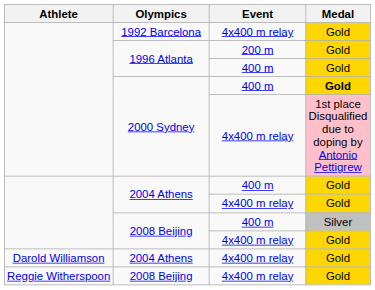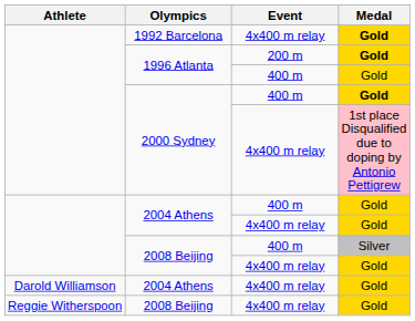 <table class="wikitable" style="font-size:95%">
 <tr>
 <th>Athlete</th>
 <th style="width:8em">Olympics</th>
 <th style="width:8em">Event</th>
 <th style="width:5em">Medal</th>
 </tr>
 <tr align=center>
 <td rowspan=5> </td>
 <td><a href='#'>1992 Barcelona</a></td>
 <td><a href='#'>4x400 m relay</a></td>
-<td bgcolor=gold>Gold</td>
+<td bgcolor=gold><strong>Gold</strong></td>
 </tr>
 <tr align=center>
 <td rowspan=2><a href='#'>1996 Atlanta</a></td>
 <td><a href='#'>200 m</a></td>
-<td bgcolor=gold>Gold</td>
+<td bgcolor=gold><strong>Gold</strong></td>
 </tr>
 <tr align=center>
 <td><a href='#'>400 m</a></td>
 <td bgcolor=gold>Gold</td>
 </tr>
 <tr align=center>
 <td rowspan=2><a href='#'>2000 Sydney</a></td>
 <td><a href='#'>400 m</a></td>
 <td bgcolor=gold><strong>Gold</strong></td>
 </tr>
 <tr align=center>
 <td><a href='#'>4x400 m relay</a></td>
 <td bgcolor=pink>1st place Disqualified due to doping by <a href='#'>Antonio Pettigrew</a></td>
 </tr>
 <tr align=center>
 <td rowspan=4> </td>
 <td rowspan=2><a href='#'>2004 Athens</a></td>
 <td><a href='#'>400 m</a></td>
 <td bgcolor=gold>Gold</td>
 </tr>
 <tr align=center>
 <td><a href='#'>4x400 m relay</a></td>
 <td bgcolor=gold>Gold</td>
 </tr>
 <tr align=center>
 <td rowspan=2><a href='#'>2008 Beijing</a></td>
 <td><a href='#'>400 m</a></td>
 <td bgcolor=silver>Silver</td>
 </tr>
 <tr align=center>
 <td><a href='#'>4x400 m relay</a></td>
 <td bgcolor=gold>Gold</td>
 </tr>
 <tr align=center>
 <td><a href='#'>Darold Williamson</a> </td>
 <td><a href='#'>2004 Athens</a></td>
 <td><a href='#'>4x400 m relay</a></td>
 <td bgcolor=gold>Gold</td>
 </tr>
 <tr align=center>
 <td><a href='#'>Reggie Witherspoon</a> </td>
 <td><a href='#'>2008 Beijing</a></td>
 <td><a href='#'>4x400 m relay</a></td>
 <td bgcolor=gold>Gold</td>
 </tr>
 </table>
